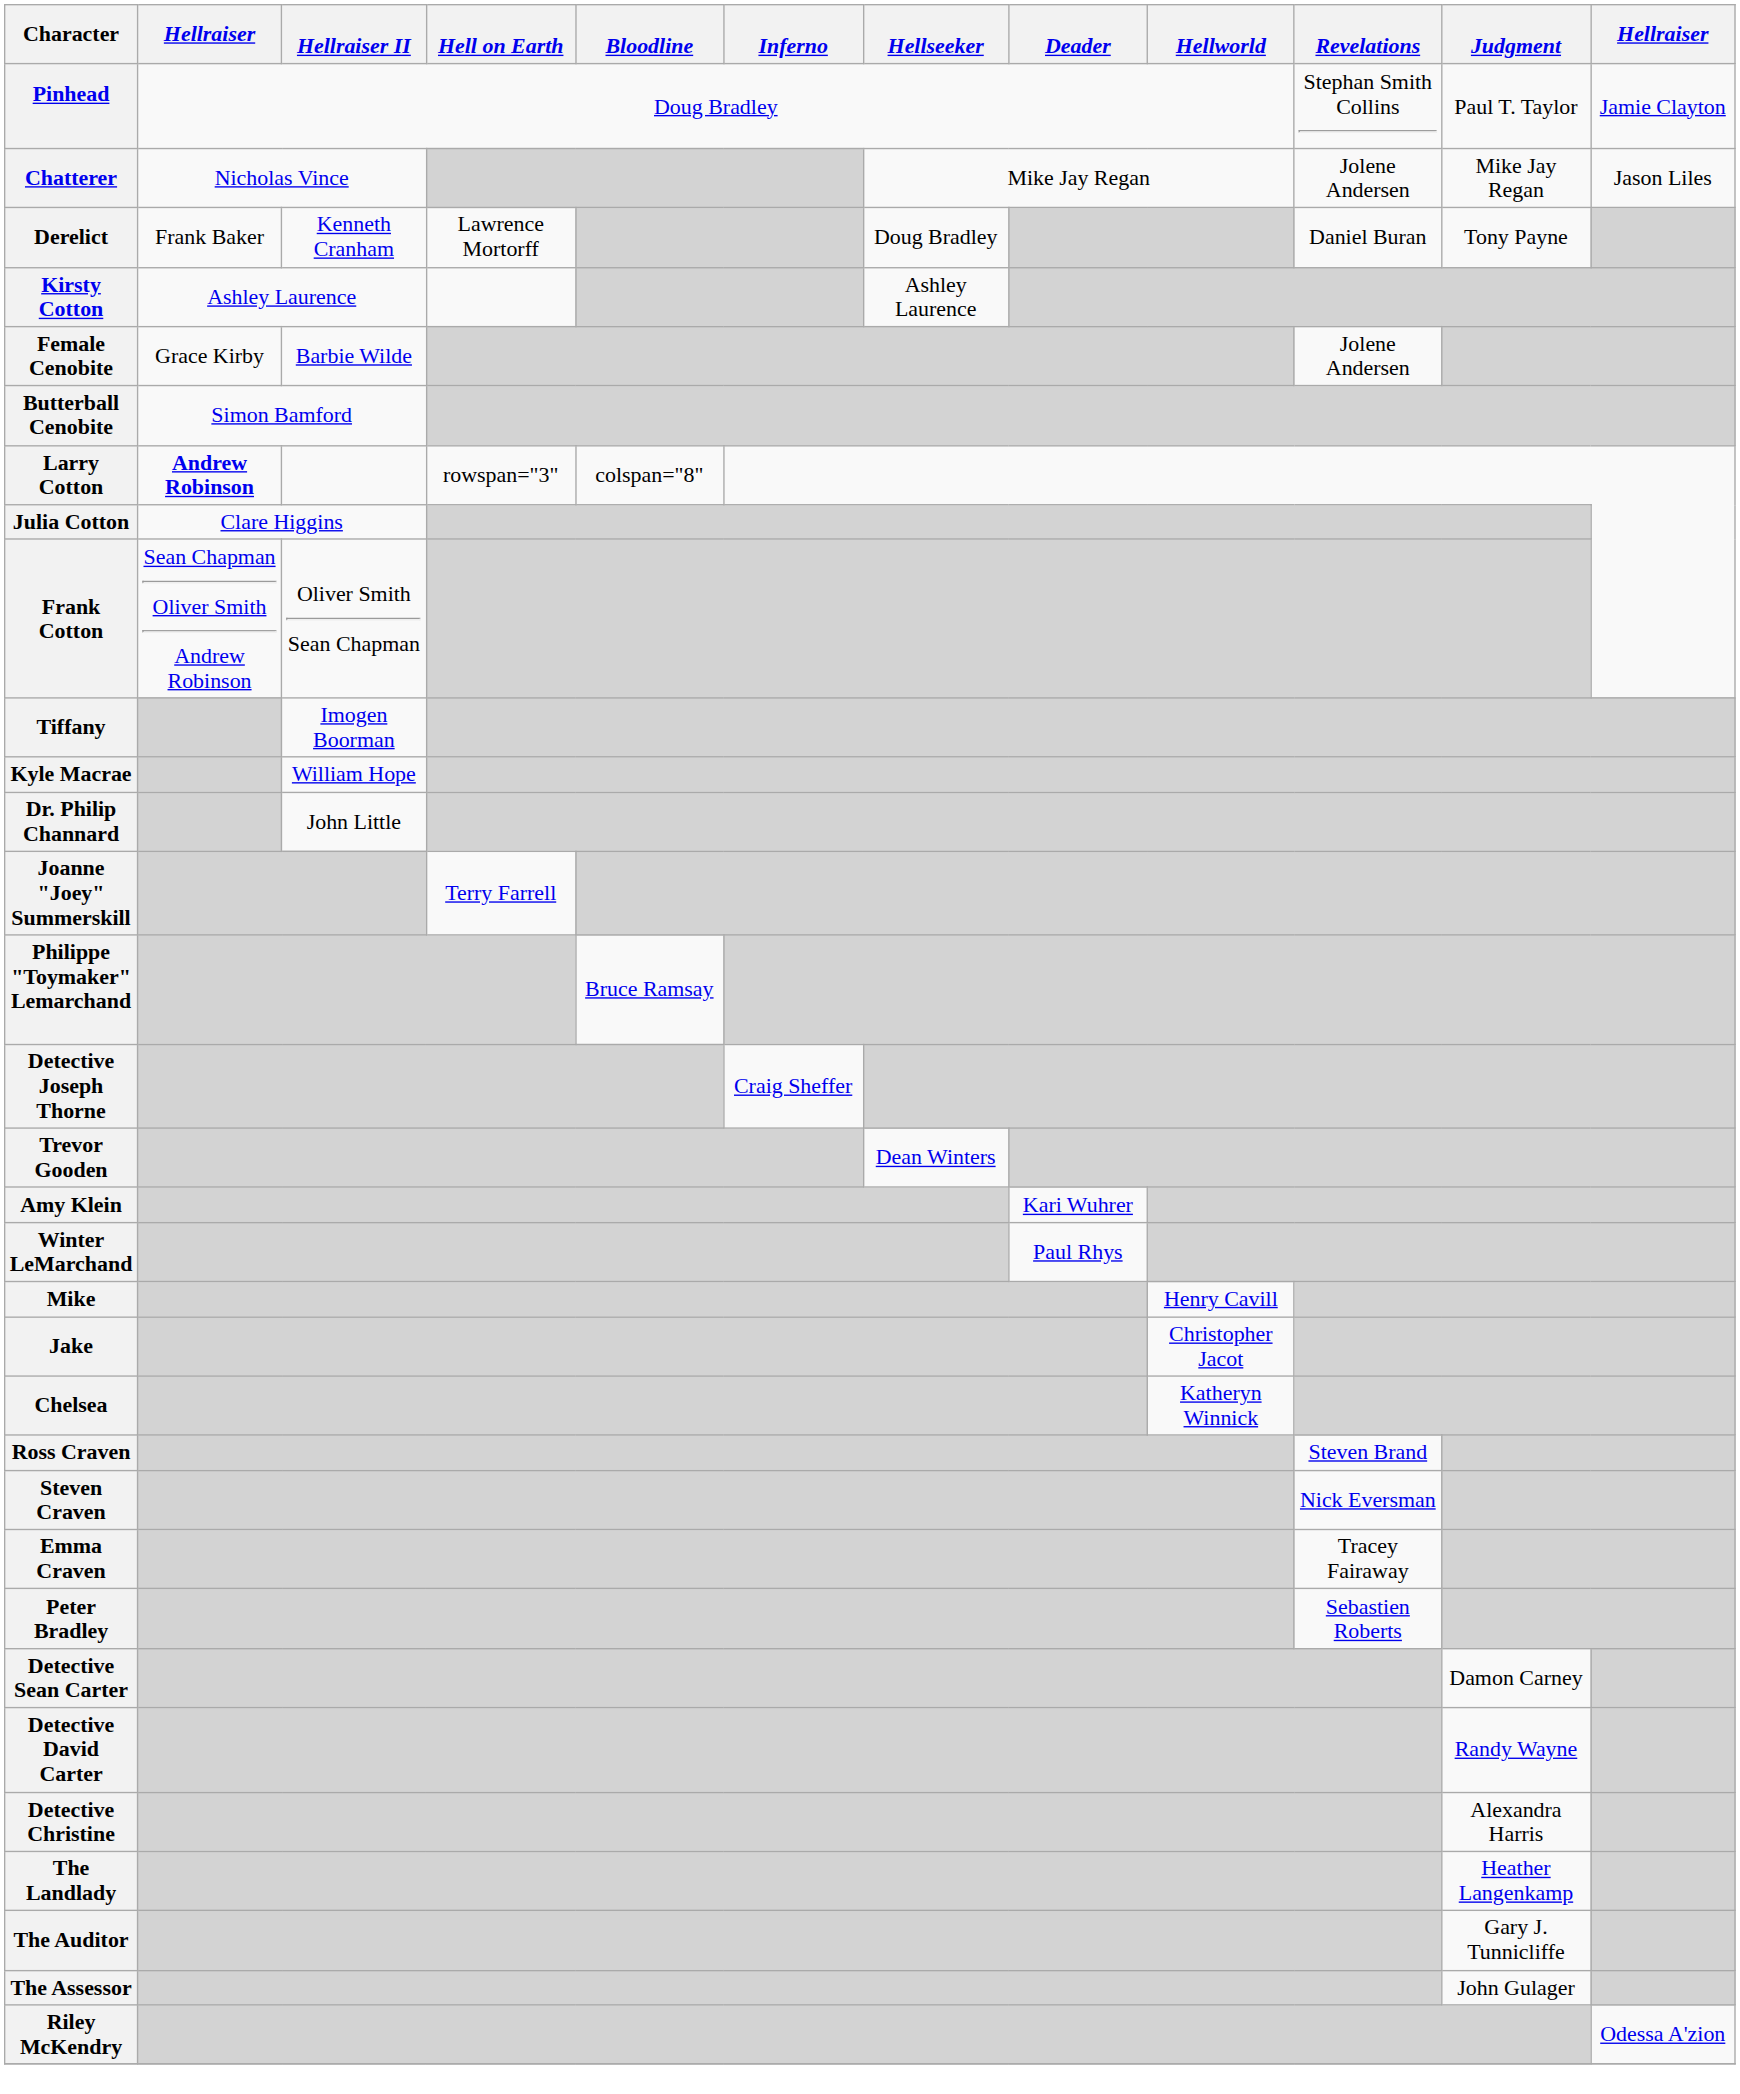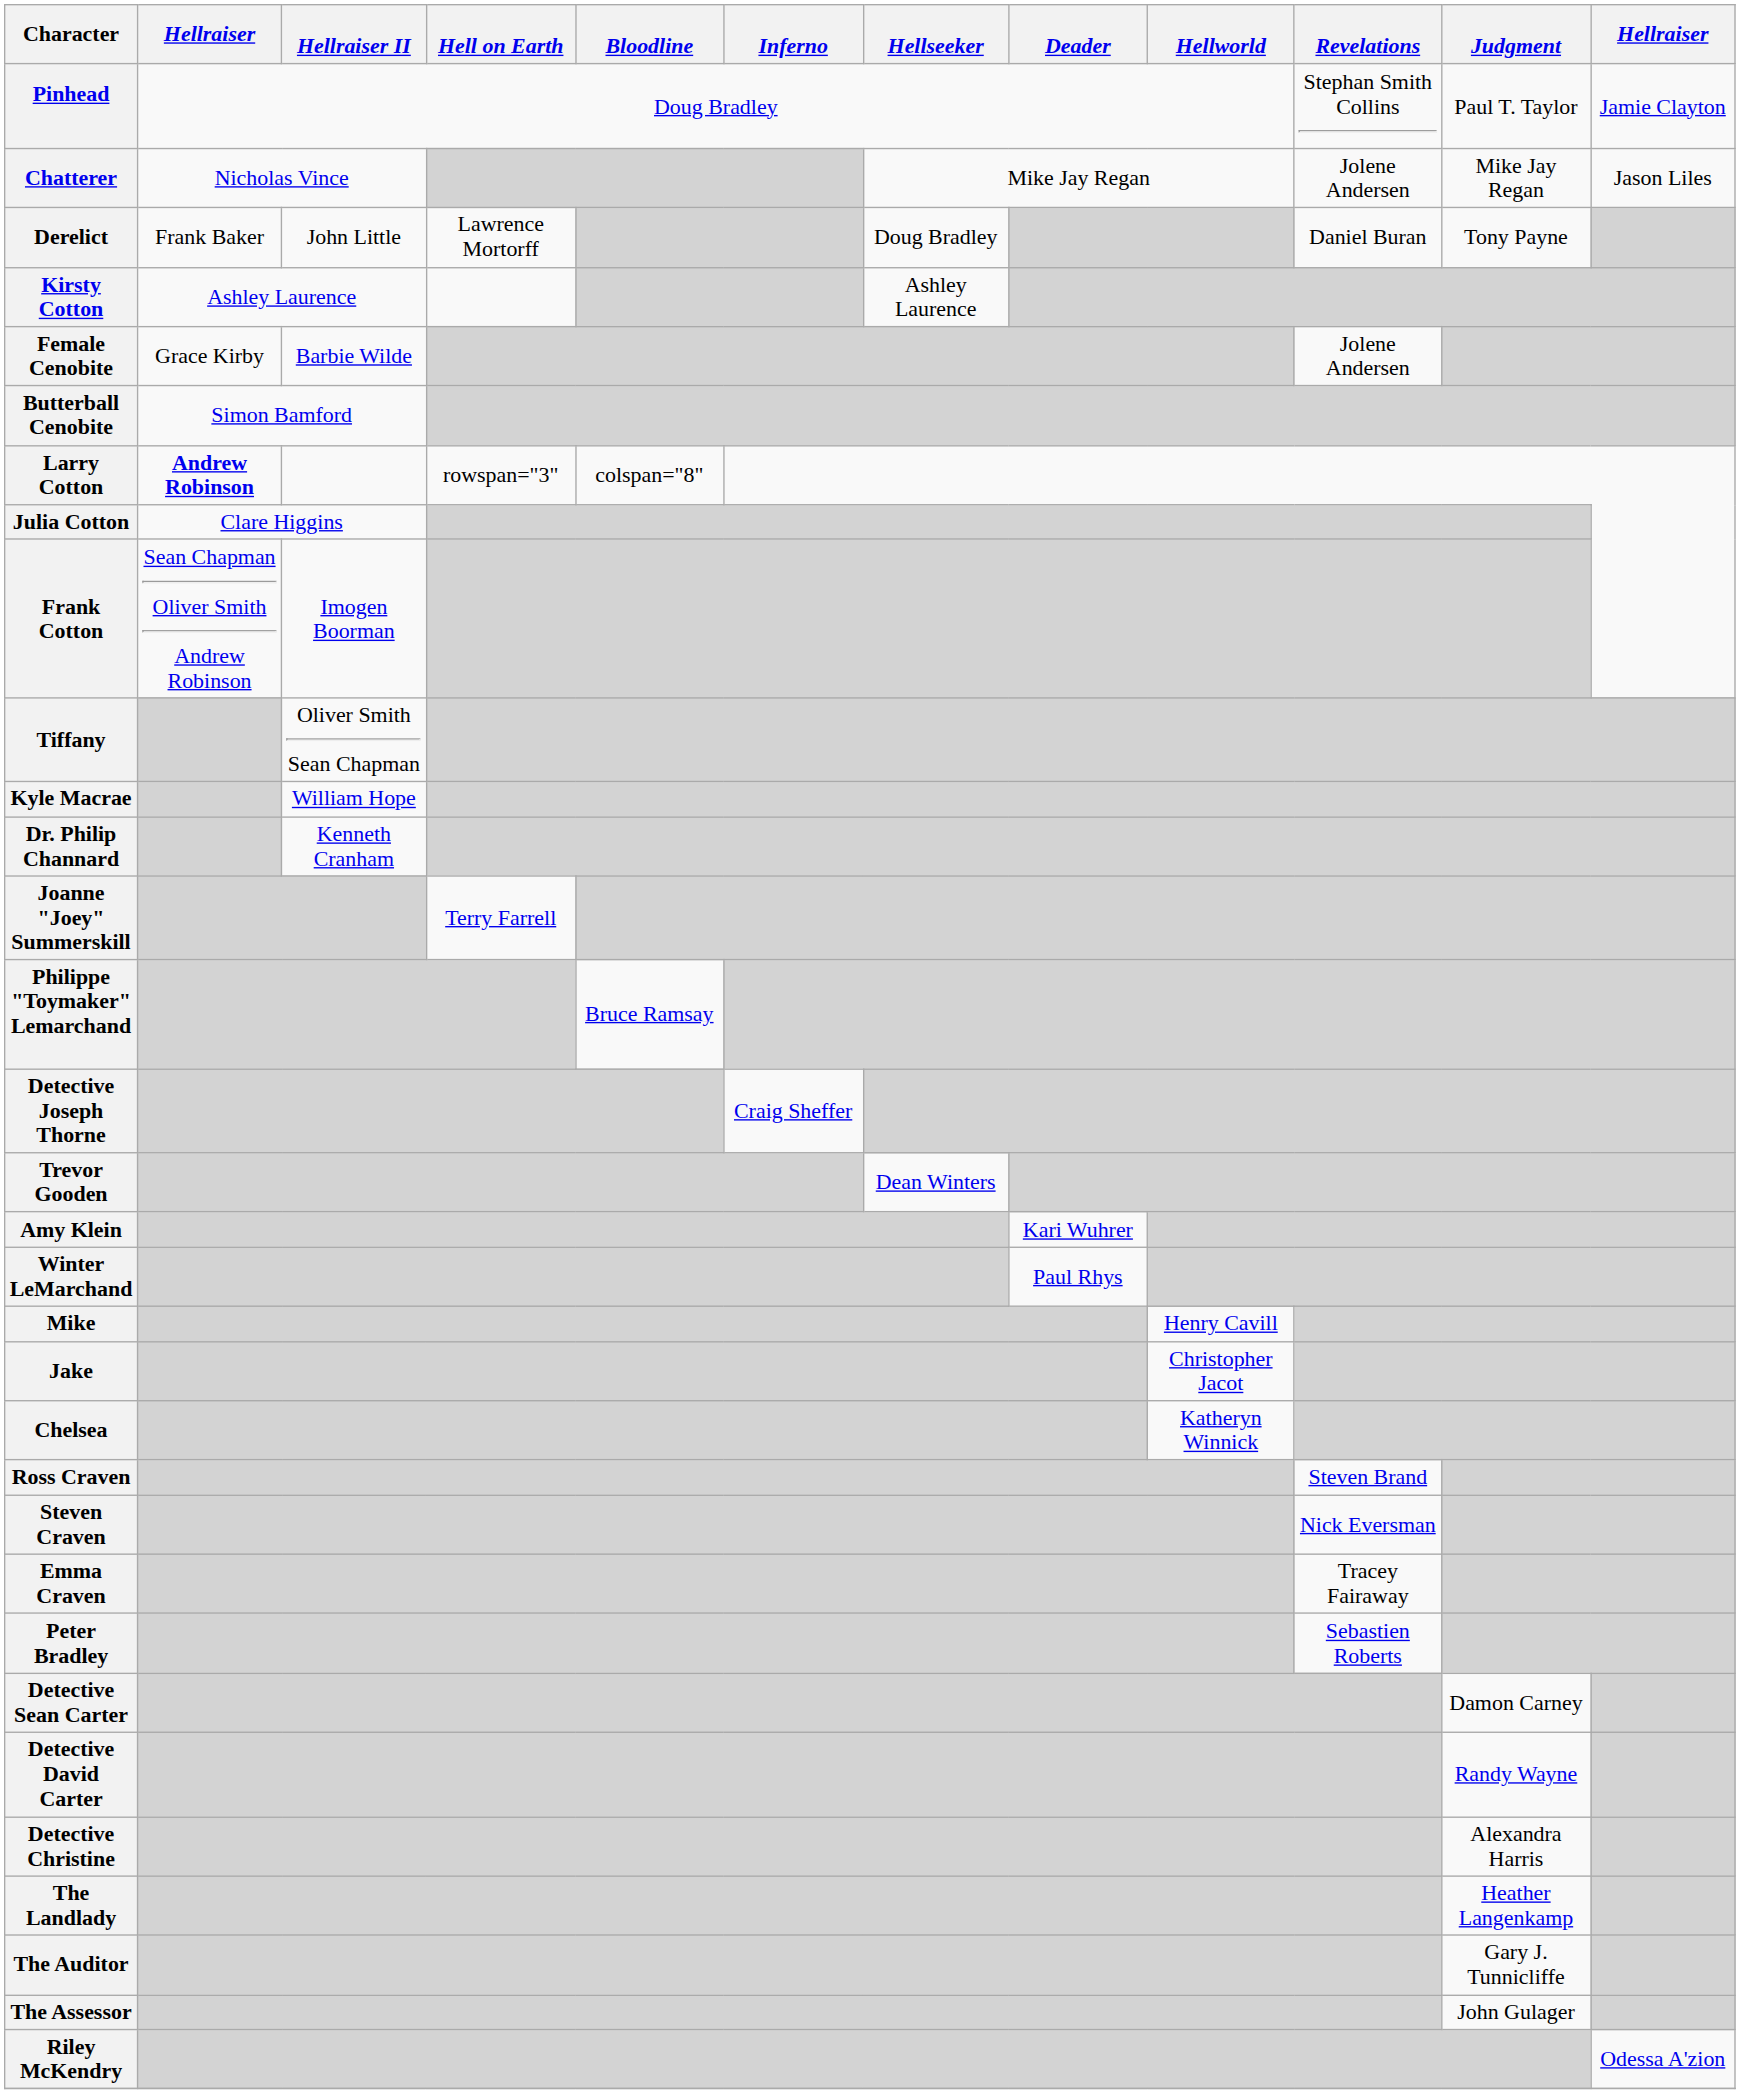 <table class="wikitable" style="text-align:center" width=100%>
 <tr>
 <th>Character</th>
 <th align="center" width="9%"><em><a href='#'>Hellraiser</a></em><br></th>
 <th align="center" width="9%"><em><a href='#'><br>Hellraiser II</a></em></th>
 <th align="center" width="9%"><em><a href='#'><br>Hell on Earth</a></em></th>
 <th align="center" width="9%"><em><a href='#'><br>Bloodline</a></em></th>
 <th align="center" width="9%"><em><a href='#'><br>Inferno</a></em></th>
 <th align="center" width="9%"><em><a href='#'><br>Hellseeker</a></em></th>
 <th align="center" width="9%"><em><a href='#'><br>Deader</a></em></th>
 <th align="center" width="9%"><em><a href='#'><br>Hellworld</a></em></th>
 <th align="center" width="9%"><em><a href='#'><br>Revelations</a></em></th>
 <th align="center" width="9%"><em><a href='#'><br>Judgment</a></em></th>
 <th align="center" width="9%"><em><a href='#'>Hellraiser</a></em><br></th>
 </tr>
 <tr>
 <th><a href='#'>Pinhead<br><br></a></th>
 <td colspan="8"><a href='#'>Doug Bradley</a></td>
 <td colspan="1">Stephan Smith Collins<hr></td>
 <td colspan="1">Paul T. Taylor</td>
 <td colspan="1"><a href='#'>Jamie Clayton</a></td>
 </tr>
 <tr>
 <th><a href='#'>Chatterer</a></th>
 <td colspan="2"><a href='#'>Nicholas Vince</a></td>
 <td colspan="3" style="background:lightgrey;"> </td>
 <td colspan="3">Mike Jay Regan</td>
 <td colspan="1">Jolene Andersen</td>
 <td colspan="1">Mike Jay Regan</td>
 <td colspan="1">Jason Liles</td>
 </tr>
 <tr>
 <th>Derelict<br></th>
 <td colspan="1">Frank Baker</td>
-<td colspan="1"><a href='#'>Kenneth Cranham</a></td>
+<td colspan="1">John Little</td>
 <td colspan="1">Lawrence Mortorff</td>
 <td colspan="2" style="background:lightgrey;"> </td>
 <td colspan="1">Doug Bradley</td>
 <td colspan="2" style="background:lightgrey;"> </td>
 <td colspan="1">Daniel Buran</td>
 <td colspan="1">Tony Payne</td>
 <td colspan="1" style="background:lightgrey;"> </td>
 </tr>
 <tr>
 <th><a href='#'>Kirsty Cotton<br></a></th>
 <td colspan="2"><a href='#'>Ashley Laurence</a></td>
 <td></td>
 <td colspan="2" style="background:lightgrey;"> </td>
 <td colspan="1">Ashley Laurence</td>
 <td colspan="5" style="background:lightgrey;"> </td>
 </tr>
 <tr>
 <th>Female Cenobite</th>
 <td colspan="1">Grace Kirby</td>
 <td colspan="1"><a href='#'>Barbie Wilde</a></td>
 <td colspan="6" style="background:lightgrey;"> </td>
 <td colspan="1">Jolene Andersen</td>
 <td colspan="2" style="background:lightgrey;"> </td>
 </tr>
 <tr>
 <th>Butterball Cenobite</th>
 <td colspan="2"><a href='#'>Simon Bamford</a></td>
 <td colspan="9" style="background:lightgrey;"> </td>
 </tr>
 <tr>
 <th>Larry Cotton</th>
 <td><strong><a href='#'>Andrew Robinson</a></strong></td>
 <td></td>
 <td>rowspan="3" </td>
 <td>colspan="8" </td>
 </tr>
 <tr>
 <th>Julia Cotton</th>
 <td colspan="2"><a href='#'>Clare Higgins</a></td>
 <td colspan="8" style="background:lightgrey;"> </td>
 </tr>
 <tr>
 <th>Frank Cotton</th>
 <td colspan="1"><a href='#'>Sean Chapman</a><hr><a href='#'>Oliver Smith</a><hr><a href='#'>Andrew Robinson</a></td>
-<td colspan="1">Oliver Smith<hr>Sean Chapman</td>
+<td colspan="1"><a href='#'>Imogen Boorman</a></td>
 <td colspan="8" style="background:lightgrey;"> </td>
 </tr>
 <tr>
 <th>Tiffany</th>
 <td colspan="1" style="background:lightgrey;"> </td>
-<td colspan="1"><a href='#'>Imogen Boorman</a></td>
+<td colspan="1">Oliver Smith<hr>Sean Chapman</td>
 <td colspan="9" style="background:lightgrey;"> </td>
 </tr>
 <tr>
 <th>Kyle Macrae</th>
 <td colspan="1" style="background:lightgrey;"> </td>
 <td colspan="1"><a href='#'>William Hope</a></td>
 <td colspan="9" style="background:lightgrey;"> </td>
 </tr>
 <tr>
 <th>Dr. Philip Channard</th>
 <td colspan="1" style="background:lightgrey;"> </td>
-<td colspan="1">John Little</td>
+<td colspan="1"><a href='#'>Kenneth Cranham</a></td>
 <td colspan="9" style="background:lightgrey;"> </td>
 </tr>
 <tr>
 <th>Joanne "Joey" Summerskill</th>
 <td colspan="2" style="background:lightgrey;"> </td>
 <td colspan="1"><a href='#'>Terry Farrell</a></td>
 <td colspan="8" style="background:lightgrey;"> </td>
 </tr>
 <tr>
 <th>Philippe "Toymaker" Lemarchand<br><br></th>
 <td colspan="3" style="background:lightgrey;"> </td>
 <td colspan="1"><a href='#'>Bruce Ramsay</a></td>
 <td colspan="7" style="background:lightgrey;"> </td>
 </tr>
 <tr>
 <th>Detective Joseph Thorne</th>
 <td colspan="4" style="background:lightgrey;"> </td>
 <td colspan="1"><a href='#'>Craig Sheffer</a></td>
 <td colspan="6" style="background:lightgrey;"> </td>
 </tr>
 <tr>
 <th>Trevor Gooden</th>
 <td colspan="5" style="background:lightgrey;"> </td>
 <td colspan="1"><a href='#'>Dean Winters</a></td>
 <td colspan="5" style="background:lightgrey;"> </td>
 </tr>
 <tr>
 <th>Amy Klein</th>
 <td colspan="6" style="background:lightgrey;"> </td>
 <td colspan="1"><a href='#'>Kari Wuhrer</a></td>
 <td colspan="4" style="background:lightgrey;"> </td>
 </tr>
 <tr>
 <th>Winter LeMarchand</th>
 <td colspan="6" style="background:lightgrey;"> </td>
 <td colspan="1"><a href='#'>Paul Rhys</a></td>
 <td colspan="4" style="background:lightgrey;"> </td>
 </tr>
 <tr>
 <th>Mike</th>
 <td colspan="7" style="background:lightgrey;"> </td>
 <td colspan="1"><a href='#'>Henry Cavill</a></td>
 <td colspan="3" style="background:lightgrey;"> </td>
 </tr>
 <tr>
 <th>Jake</th>
 <td colspan="7" style="background:lightgrey;"> </td>
 <td colspan="1"><a href='#'>Christopher Jacot</a></td>
 <td colspan="3" style="background:lightgrey;"> </td>
 </tr>
 <tr>
 <th>Chelsea</th>
 <td colspan="7" style="background:lightgrey;"> </td>
 <td colspan="1"><a href='#'>Katheryn Winnick</a></td>
 <td colspan="3" style="background:lightgrey;"> </td>
 </tr>
 <tr>
 <th>Ross Craven</th>
 <td colspan="8" style="background:lightgrey;"> </td>
 <td colspan="1"><a href='#'>Steven Brand</a></td>
 <td colspan="2" style="background:lightgrey;"> </td>
 </tr>
 <tr>
 <th>Steven Craven</th>
 <td colspan="8" style="background:lightgrey;"> </td>
 <td colspan="1"><a href='#'>Nick Eversman</a></td>
 <td colspan="2" style="background:lightgrey;"> </td>
 </tr>
 <tr>
 <th>Emma Craven</th>
 <td colspan="8" style="background:lightgrey;"> </td>
 <td colspan="1">Tracey Fairaway</td>
 <td colspan="2" style="background:lightgrey;"> </td>
 </tr>
 <tr>
 <th>Peter Bradley</th>
 <td colspan="8" style="background:lightgrey;"> </td>
 <td colspan="1"><a href='#'>Sebastien Roberts</a></td>
 <td colspan="2" style="background:lightgrey;"> </td>
 </tr>
 <tr>
 <th>Detective Sean Carter<br></th>
 <td colspan="9" style="background:lightgrey;"> </td>
 <td colspan="1">Damon Carney</td>
 <td colspan="1" style="background:lightgrey;"> </td>
 </tr>
 <tr>
 <th>Detective David Carter</th>
 <td colspan="9" style="background:lightgrey;"> </td>
 <td colspan="1"><a href='#'>Randy Wayne</a></td>
 <td colspan="1" style="background:lightgrey;"> </td>
 </tr>
 <tr>
 <th>Detective Christine</th>
 <td colspan="9" style="background:lightgrey;"> </td>
 <td colspan="1">Alexandra Harris</td>
 <td colspan="1" style="background:lightgrey;"> </td>
 </tr>
 <tr>
 <th>The Landlady</th>
 <td colspan="9" style="background:lightgrey;"> </td>
 <td colspan="1"><a href='#'>Heather Langenkamp</a></td>
 <td colspan="1" style="background:lightgrey;"> </td>
 </tr>
 <tr>
 <th>The Auditor</th>
 <td colspan="9" style="background:lightgrey;"> </td>
 <td colspan="1">Gary J. Tunnicliffe</td>
 <td colspan="1" style="background:lightgrey;"> </td>
 </tr>
 <tr>
 <th>The Assessor</th>
 <td colspan="9" style="background:lightgrey;"> </td>
 <td colspan="1">John Gulager</td>
 <td colspan="1" style="background:lightgrey;"> </td>
 </tr>
 <tr>
 <th>Riley McKendry</th>
 <td colspan="10" style="background:lightgrey;"> </td>
 <td><a href='#'>Odessa A'zion</a></td>
 </tr>
 <tr>
 </tr>
 </table>
